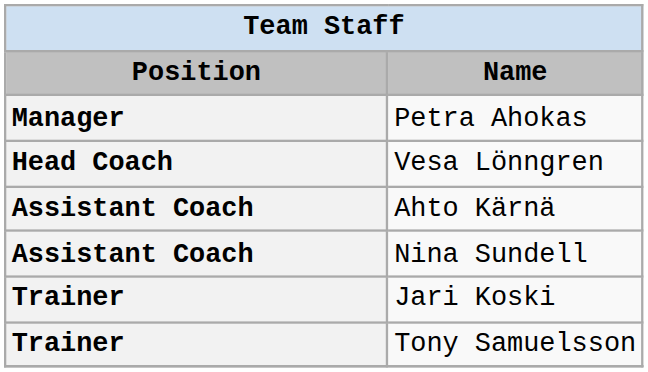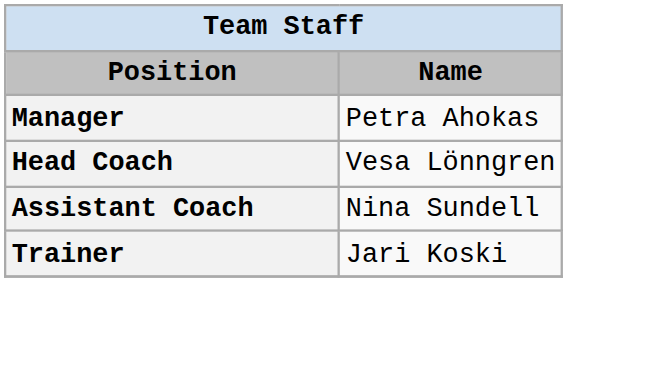 <table class="wikitable" style="text-align:left; font-size:90%;">
 <tr>
 <th style=background:#CEE0F2 colspan=2>Team Staff</th>
 </tr>
 <tr>
 <th width=60% style="background:silver;">Position</th>
 <th style="background:silver;">Name</th>
 </tr>
 <tr>
 <th style="text-align:left;">Manager</th>
 <td>Petra Ahokas</td>
 </tr>
 <tr>
 <th style="text-align:left;">Head Coach</th>
 <td>Vesa Lönngren</td>
 </tr>
 <tr>
 <th style="text-align:left;">Assistant Coach</th>
-<td>Ahto Kärnä</td>
-</tr>
-<tr>
-<th style="text-align:left;">Assistant Coach</th>
 <td>Nina Sundell</td>
 </tr>
 <tr>
 <th style="text-align:left;">Trainer</th>
 <td>Jari Koski</td>
 </tr>
 <tr>
-<th style="text-align:left;">Trainer</th>
-<td>Tony Samuelsson</td>
-</tr>
-<tr>
 </tr>
 </table>
